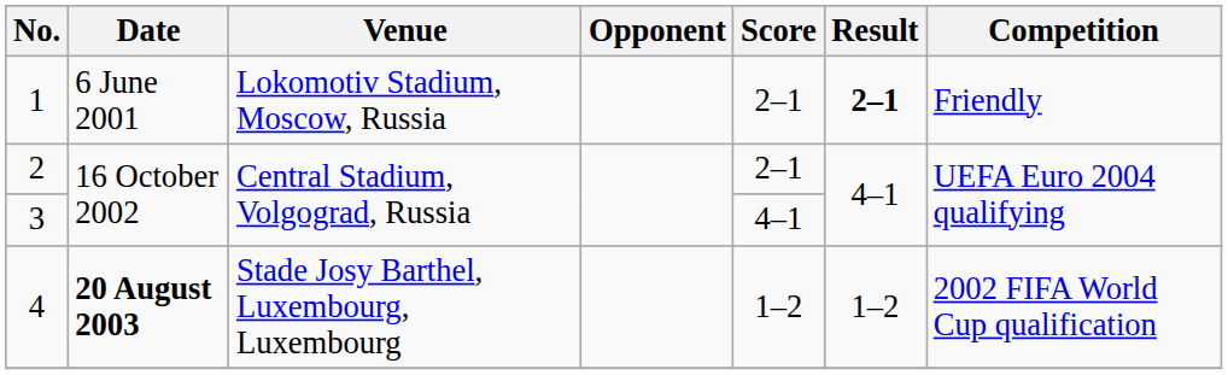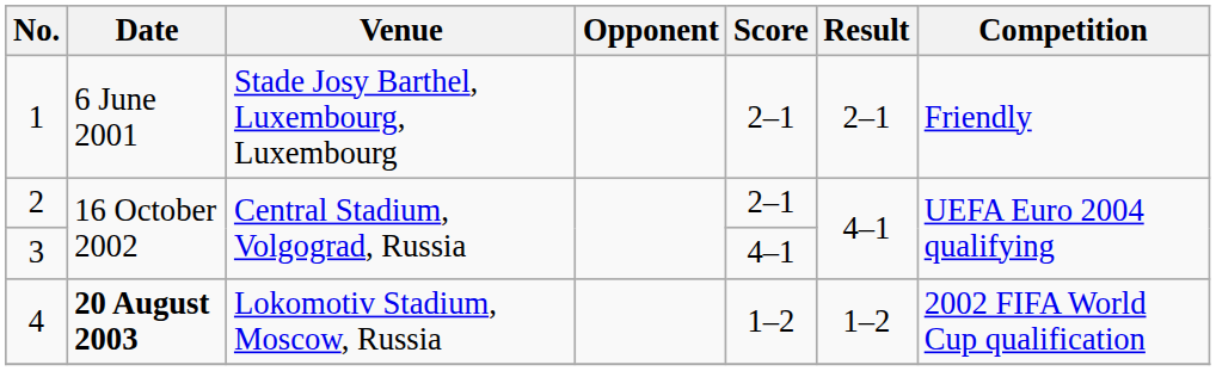 <table class="wikitable sortable">
 <tr>
 <th scope="col">No.</th>
 <th scope="col">Date</th>
 <th scope="col">Venue</th>
 <th scope="col">Opponent</th>
 <th scope="col">Score</th>
 <th scope="col">Result</th>
 <th scope="col">Competition</th>
 </tr>
 <tr>
 <td style="text-align:center">1</td>
 <td>6 June 2001</td>
-<td><a href='#'>Lokomotiv Stadium</a>, <a href='#'>Moscow</a>, Russia</td>
+<td><a href='#'>Stade Josy Barthel</a>, <a href='#'>Luxembourg</a>, Luxembourg</td>
 <td></td>
 <td style="text-align:center">2–1</td>
-<td style="text-align:center"><strong>2–1</strong></td>
+<td style="text-align:center">2–1</td>
 <td><a href='#'>Friendly</a></td>
 </tr>
 <tr>
 <td style="text-align:center">2</td>
 <td rowspan="2">16 October 2002</td>
 <td rowspan="2"><a href='#'>Central Stadium</a>, <a href='#'>Volgograd</a>, Russia</td>
 <td rowspan="2"></td>
 <td style="text-align:center">2–1</td>
 <td rowspan="2" style="text-align:center">4–1</td>
 <td rowspan="2"><a href='#'>UEFA Euro 2004 qualifying</a></td>
 </tr>
 <tr>
 <td style="text-align:center">3</td>
 <td style="text-align:center">4–1</td>
 </tr>
 <tr>
 <td style="text-align:center">4</td>
 <td><strong>20 August 2003</strong></td>
-<td><a href='#'>Stade Josy Barthel</a>, <a href='#'>Luxembourg</a>, Luxembourg</td>
+<td><a href='#'>Lokomotiv Stadium</a>, <a href='#'>Moscow</a>, Russia</td>
 <td></td>
 <td style="text-align:center">1–2</td>
 <td style="text-align:center">1–2</td>
 <td><a href='#'>2002 FIFA World Cup qualification</a></td>
 </tr>
 <tr>
 </tr>
 </table>
